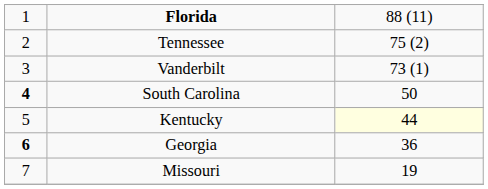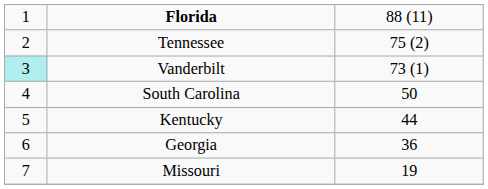 <table class="wikitable" style="width: 30%;text-align: center;">
 <tr align="center">
 </tr>
 <tr>
 <td>1</td>
 <td><strong>Florida</strong></td>
 <td>88 (11)</td>
 </tr>
 <tr>
 <td>2</td>
 <td>Tennessee</td>
 <td>75 (2)</td>
 </tr>
 <tr>
-<td>3</td>
+<td style="background: paleturquoise;">3</td>
 <td>Vanderbilt</td>
 <td>73 (1)</td>
 </tr>
 <tr>
-<td><strong>4</strong></td>
+<td>4</td>
 <td>South Carolina</td>
 <td>50</td>
 </tr>
 <tr>
 <td>5</td>
 <td>Kentucky</td>
-<td style="background: lightyellow;">44</td>
+<td>44</td>
 </tr>
 <tr>
-<td><strong>6</strong></td>
+<td>6</td>
 <td>Georgia</td>
 <td>36</td>
 </tr>
 <tr>
 <td>7</td>
 <td>Missouri</td>
 <td>19</td>
 </tr>
 <tr>
 </tr>
 </table>
